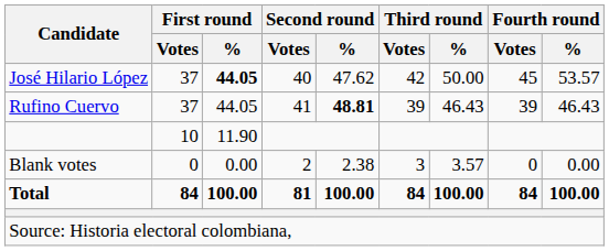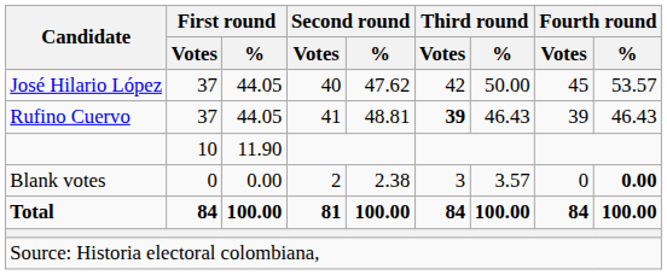 <table class="wikitable sortable" style=text-align:right>
 <tr>
 <th rowspan=2>Candidate</th>
 <th colspan=2>First round</th>
 <th colspan=2>Second round</th>
 <th colspan=2>Third round</th>
 <th colspan=2>Fourth round</th>
 </tr>
 <tr>
 <th>Votes</th>
 <th>%</th>
 <th>Votes</th>
 <th>%</th>
 <th>Votes</th>
 <th>%</th>
 <th>Votes</th>
 <th>%</th>
 </tr>
 <tr>
 <td align=left><a href='#'>José Hilario López</a></td>
 <td>37</td>
-<td><strong>44.05</strong></td>
+<td>44.05</td>
 <td>40</td>
 <td>47.62</td>
 <td>42</td>
 <td>50.00</td>
 <td>45</td>
 <td>53.57</td>
 </tr>
 <tr>
 <td align=left><a href='#'>Rufino Cuervo</a></td>
 <td>37</td>
 <td>44.05</td>
 <td>41</td>
-<td><strong>48.81</strong></td>
-<td>39</td>
+<td>48.81</td>
+<td><strong>39</strong></td>
 <td>46.43</td>
 <td>39</td>
 <td>46.43</td>
 </tr>
 <tr>
 <td align=left></td>
 <td>10</td>
 <td>11.90</td>
 <td colspan=2></td>
 <td colspan=2></td>
 <td colspan=2></td>
 </tr>
 <tr>
 <td align=left>Blank votes</td>
 <td>0</td>
 <td>0.00</td>
 <td>2</td>
 <td>2.38</td>
 <td>3</td>
 <td>3.57</td>
 <td>0</td>
-<td>0.00</td>
+<td><strong>0.00</strong></td>
 </tr>
 <tr class=sortbottom style=font-weight:bold>
 <td align=left>Total</td>
 <td>84</td>
 <td>100.00</td>
 <td>81</td>
 <td>100.00</td>
 <td>84</td>
 <td>100.00</td>
 <td>84</td>
 <td>100.00</td>
 </tr>
 <tr class=sortbottom>
 <th colspan=9></th>
 </tr>
 <tr class=sortbottom>
 <td align=left colspan=9>Source: Historia electoral colombiana, </td>
 </tr>
 </table>
